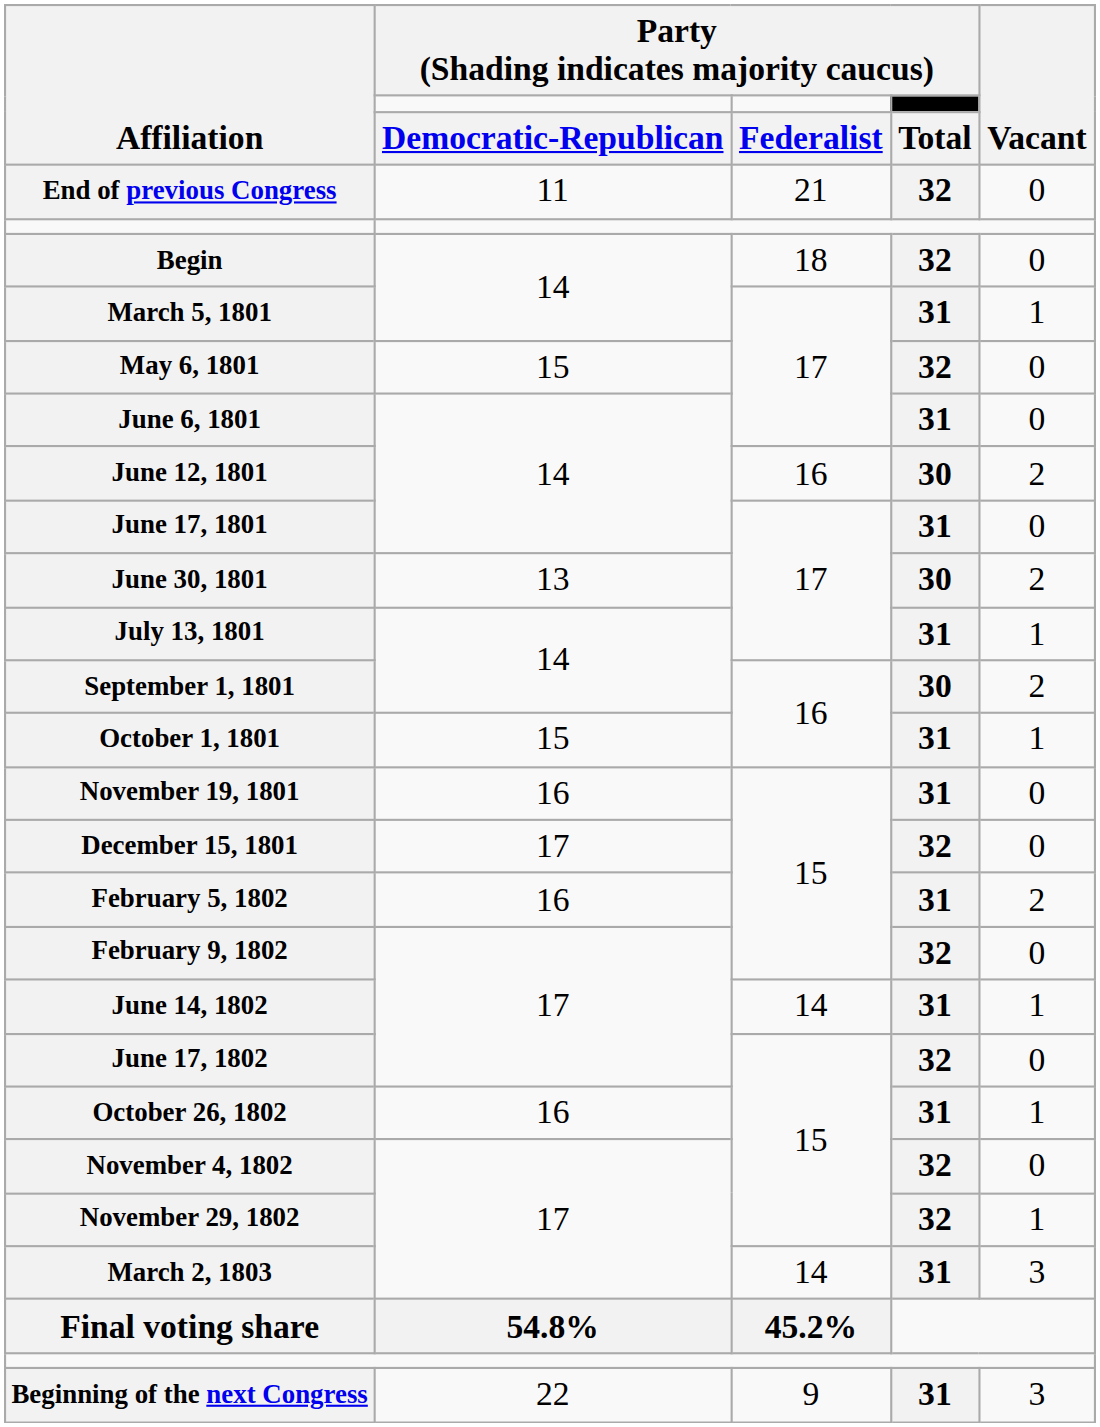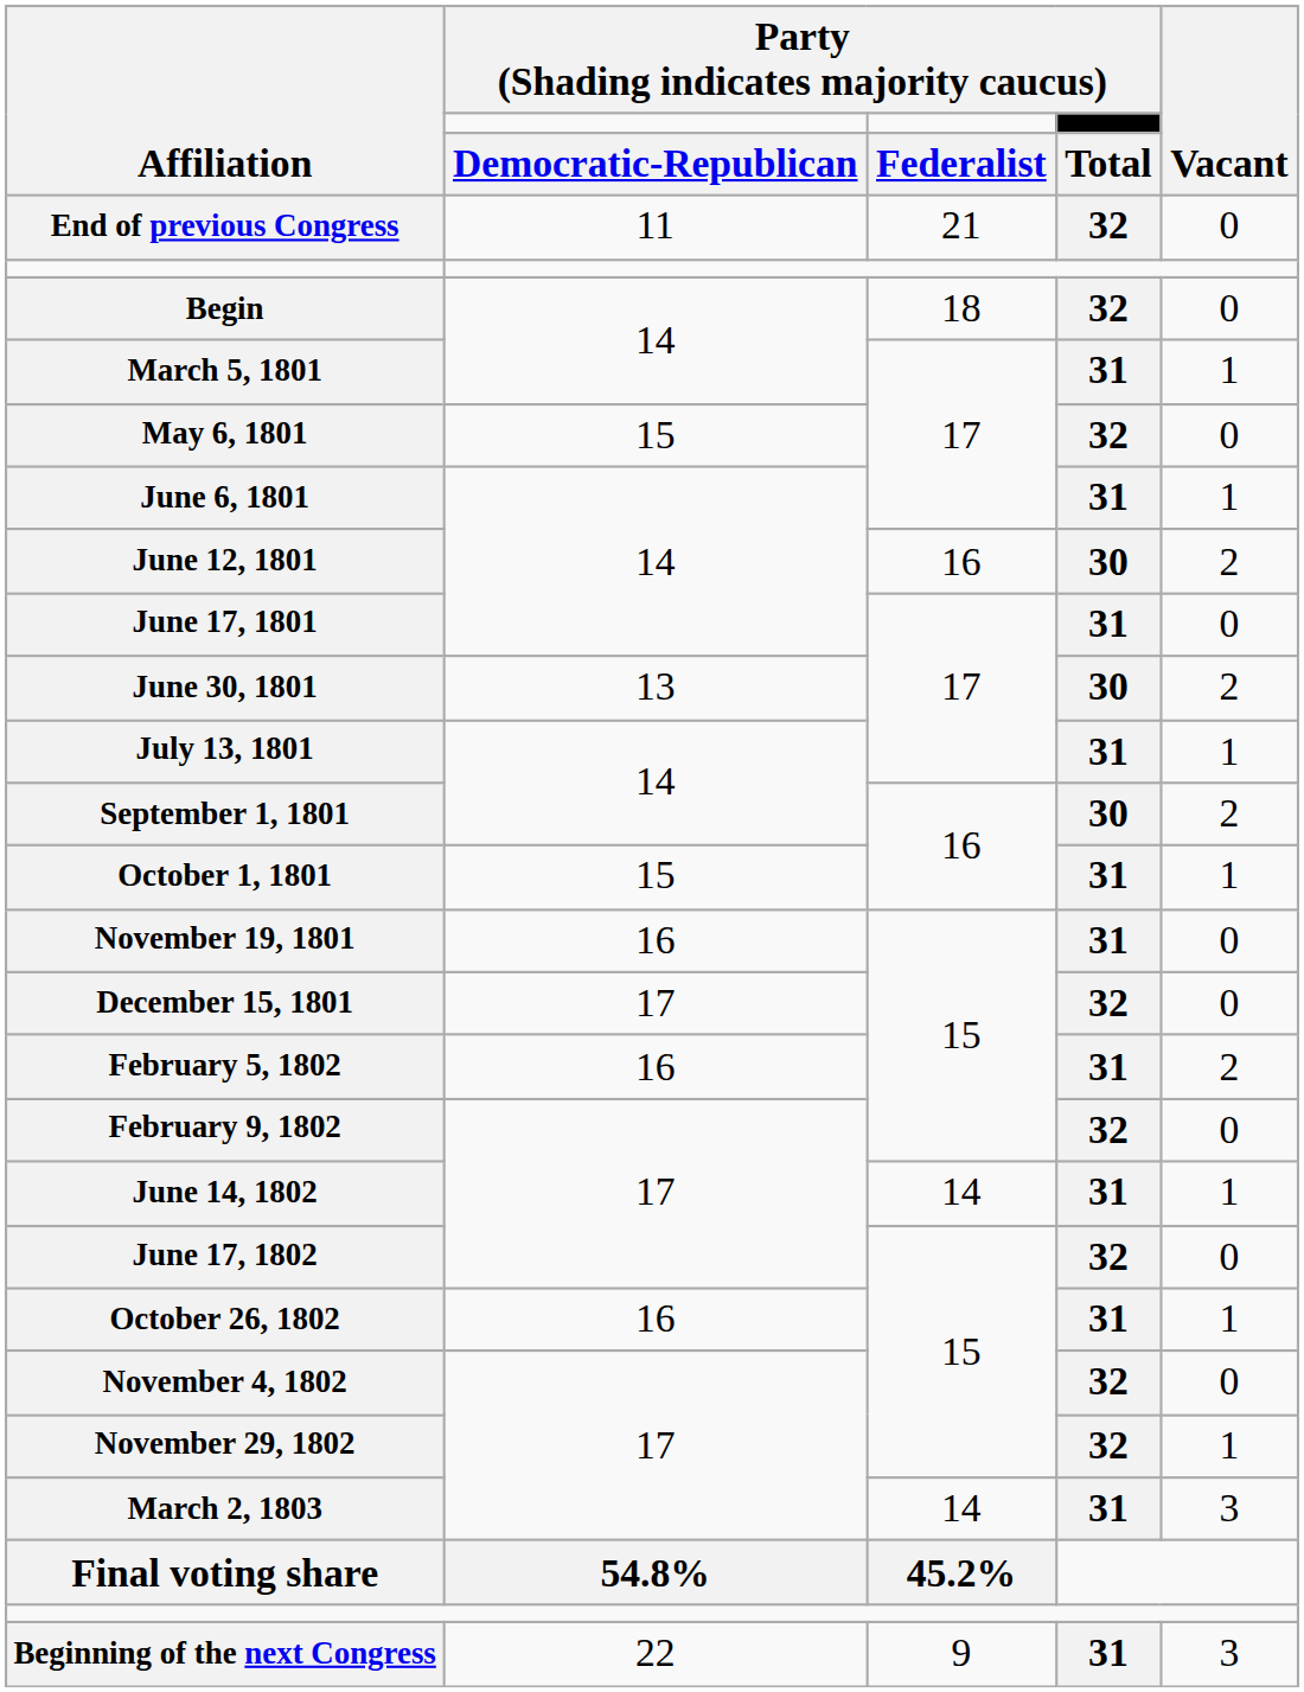 <table class="wikitable" style="text-align:center">
 <tr style="vertical-align:bottom">
 <th rowspan=3>Affiliation</th>
 <th colspan=3>Party <div>(Shading indicates majority caucus)</div></th>
 <th rowspan=3>Vacant</th>
 </tr>
 <tr style="height:5px">
 <td style="background-color:"></td>
 <td style="background-color:"></td>
 <td style="background-color:black"></td>
 </tr>
 <tr>
 <th><a href='#'>Democratic-Republican</a></th>
 <th><a href='#'>Federalist</a></th>
 <th>Total</th>
 </tr>
 <tr>
 <th nowrap style="font-size:80%">End of <a href='#'>previous Congress</a></th>
 <td>11</td>
 <td>21</td>
 <th>32</th>
 <td>0</td>
 </tr>
 <tr>
 <td colspan=1></td>
 </tr>
 <tr>
 <th nowrap style="font-size:80%">Begin</th>
 <td rowspan=2>14</td>
 <td>18</td>
 <th>32</th>
 <td>0</td>
 </tr>
 <tr style="text-align:center">
 <th nowrap style="font-size:80%">March 5, 1801</th>
 <td rowspan=3 >17</td>
 <th>31</th>
 <td>1</td>
 </tr>
 <tr style="text-align:center">
 <th nowrap style="font-size:80%">May 6, 1801</th>
 <td>15</td>
 <th>32</th>
 <td>0</td>
 </tr>
 <tr style="text-align:center">
 <th nowrap style="font-size:80%">June 6, 1801</th>
 <td rowspan=3>14</td>
 <th>31</th>
-<td>0</td>
+<td>1</td>
 </tr>
 <tr style="text-align:center">
 <th nowrap style="font-size:80%">June 12, 1801</th>
 <td>16</td>
 <th>30</th>
 <td>2</td>
 </tr>
 <tr style="text-align:center">
 <th nowrap style="font-size:80%">June 17, 1801</th>
 <td rowspan=3 >17</td>
 <th>31</th>
 <td>0</td>
 </tr>
 <tr style="text-align:center">
 <th nowrap style="font-size:80%">June 30, 1801</th>
 <td>13</td>
 <th>30</th>
 <td>2</td>
 </tr>
 <tr style="text-align:center">
 <th nowrap style="font-size:80%">July 13, 1801</th>
 <td rowspan=2>14</td>
 <th>31</th>
 <td>1</td>
 </tr>
 <tr style="text-align:center">
 <th nowrap style="font-size:80%">September 1, 1801</th>
 <td rowspan=2 >16</td>
 <th>30</th>
 <td>2</td>
 </tr>
 <tr style="text-align:center">
 <th nowrap style="font-size:80%">October 1, 1801</th>
 <td>15</td>
 <th>31</th>
 <td>1</td>
 </tr>
 <tr style="text-align:center">
 <th nowrap style="font-size:80%">November 19, 1801</th>
 <td>16</td>
 <td rowspan=4>15</td>
 <th>31</th>
 <td>0</td>
 </tr>
 <tr style="text-align:center">
 <th nowrap style="font-size:80%">December 15, 1801</th>
 <td>17</td>
 <th>32</th>
 <td>0</td>
 </tr>
 <tr style="text-align:center">
 <th nowrap style="font-size:80%">February 5, 1802</th>
 <td>16</td>
 <th>31</th>
 <td>2</td>
 </tr>
 <tr style="text-align:center">
 <th nowrap style="font-size:80%">February 9, 1802</th>
 <td rowspan=3 >17</td>
 <th>32</th>
 <td>0</td>
 </tr>
 <tr style="text-align:center">
 <th nowrap style="font-size:80%">June 14, 1802</th>
 <td>14</td>
 <th>31</th>
 <td>1</td>
 </tr>
 <tr style="text-align:center">
 <th nowrap style="font-size:80%">June 17, 1802</th>
 <td rowspan=4>15</td>
 <th>32</th>
 <td>0</td>
 </tr>
 <tr style="text-align:center">
 <th nowrap style="font-size:80%">October 26, 1802</th>
 <td>16</td>
 <th>31</th>
 <td>1</td>
 </tr>
 <tr style="text-align:center">
 <th nowrap style="font-size:80%">November 4, 1802</th>
 <td rowspan=3 >17</td>
 <th>32</th>
 <td>0</td>
 </tr>
 <tr style="text-align:center">
 <th nowrap style="font-size:80%">November 29, 1802</th>
 <th>32</th>
 <td>1</td>
 </tr>
 <tr style="text-align:center">
 <th nowrap style="font-size:80%">March 2, 1803</th>
 <td>14</td>
 <th>31</th>
 <td>3</td>
 </tr>
 <tr style="text-align:center">
 <th>Final voting share</th>
 <th>54.8%</th>
 <th>45.2%</th>
 <td colspan=2></td>
 </tr>
 <tr>
 <td colspan=6></td>
 </tr>
 <tr>
 <th nowrap style="font-size:80%">Beginning of the <a href='#'>next Congress</a></th>
 <td>22</td>
 <td>9</td>
 <th>31</th>
 <td>3</td>
 </tr>
 </table>
